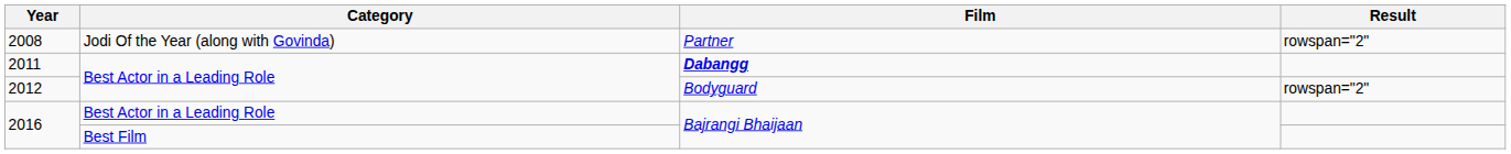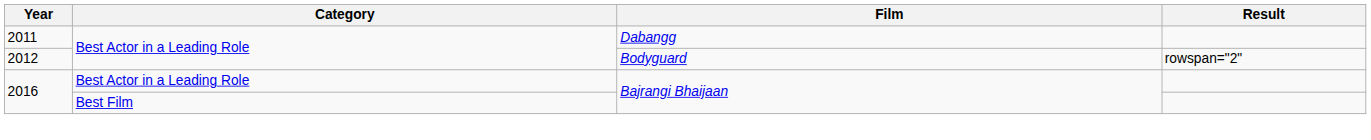 <table class="wikitable" style="width:100%;">
 <tr>
 <th width=5%>Year</th>
 <th style="width:40%;">Category</th>
 <th style="width:40%;">Film</th>
 <th style="width:15%;">Result</th>
 </tr>
 <tr>
-<td>2008</td>
-<td>Jodi Of the Year (along with <a href='#'>Govinda</a>)</td>
-<td><em><a href='#'>Partner</a></em></td>
-<td>rowspan="2" </td>
-</tr>
-<tr>
 <td>2011</td>
 <td rowspan="2"><a href='#'>Best Actor in a Leading Role</a></td>
-<td><strong><em><a href='#'>Dabangg</a></em></strong></td>
+<td><em><a href='#'>Dabangg</a></em></td>
 </tr>
 <tr>
 <td>2012</td>
 <td><em><a href='#'>Bodyguard</a></em></td>
 <td>rowspan="2" </td>
 </tr>
 <tr>
 <td rowspan="2">2016</td>
 <td><a href='#'>Best Actor in a Leading Role</a></td>
 <td rowspan="2"><em><a href='#'>Bajrangi Bhaijaan</a></em></td>
 </tr>
 <tr>
 <td><a href='#'>Best Film</a></td>
 <td></td>
 </tr>
 </table>
